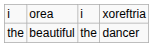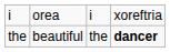 <table class="wikitable" border="1">
 <tr>
 <td>i</td>
 <td>orea</td>
 <td>i</td>
 <td>xoreftria</td>
 </tr>
 <tr>
 <td>the</td>
 <td>beautiful</td>
 <td>the</td>
-<td>dancer</td>
+<td><strong>dancer</strong></td>
 </tr>
 </table>
